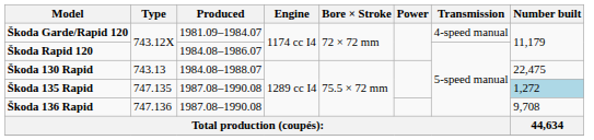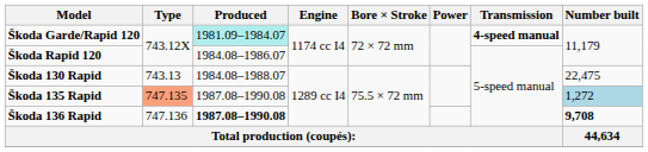 <table class="wikitable">
 <tr>
 <th>Model</th>
 <th>Type</th>
 <th>Produced</th>
 <th>Engine</th>
 <th>Bore × Stroke</th>
 <th>Power</th>
 <th>Transmission</th>
 <th>Number built</th>
 </tr>
 <tr>
 <td><strong>Škoda Garde/Rapid 120</strong></td>
 <td rowspan=2>743.12X</td>
-<td>1981.09–1984.07</td>
+<td style="background: paleturquoise;">1981.09–1984.07</td>
 <td rowspan=2>1174 cc I4</td>
 <td rowspan=2>72 × 72 mm</td>
 <td rowspan=2></td>
-<td>4-speed manual</td>
+<td><strong>4-speed manual</strong></td>
 <td rowspan=2>11,179</td>
 </tr>
 <tr>
 <td><strong>Škoda Rapid 120</strong></td>
 <td>1984.08–1986.07</td>
 <td rowspan=4>5-speed manual</td>
 </tr>
 <tr>
 <td><strong>Škoda 130 Rapid</strong></td>
 <td>743.13</td>
 <td>1984.08–1988.07</td>
 <td rowspan=3>1289 cc I4</td>
 <td rowspan=3>75.5 × 72 mm</td>
 <td rowspan=2></td>
 <td>22,475</td>
 </tr>
 <tr>
 <td><strong>Škoda 135 Rapid</strong></td>
-<td>747.135</td>
+<td style="background: lightsalmon;">747.135</td>
 <td>1987.08–1990.08</td>
 <td style="background: lightblue;">1,272</td>
 </tr>
 <tr>
 <td><strong>Škoda 136 Rapid</strong></td>
 <td>747.136</td>
-<td>1987.08–1990.08</td>
+<td><strong>1987.08–1990.08</strong></td>
 <td></td>
-<td>9,708</td>
+<td><strong>9,708</strong></td>
 </tr>
 <tr>
 <th colspan=7>Total production (coupés):</th>
 <th>44,634</th>
 </tr>
 <tr>
 </tr>
 </table>
